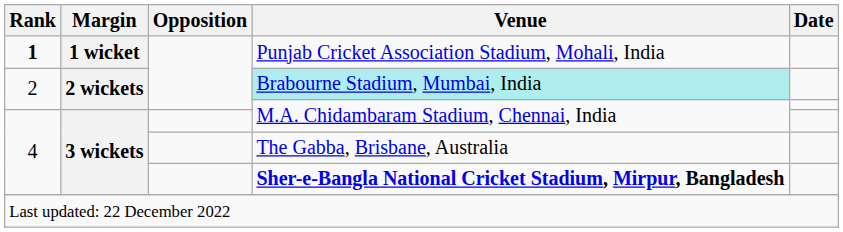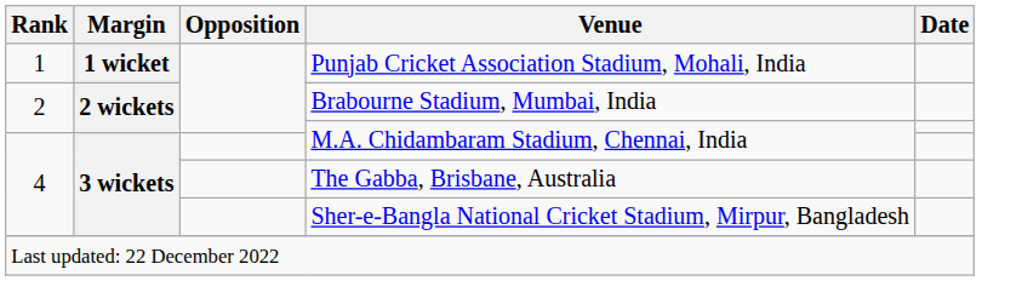 <table class="wikitable sortable">
 <tr>
 <th scope=col>Rank</th>
 <th scope=col>Margin</th>
 <th scope=col>Opposition</th>
 <th scope=col>Venue</th>
 <th scope=col>Date</th>
 </tr>
 <tr>
-<td align=center><strong>1</strong></td>
+<td align=center>1</td>
 <th>1 wicket</th>
 <td rowspan=3></td>
 <td><a href='#'>Punjab Cricket Association Stadium</a>, <a href='#'>Mohali</a>, India</td>
 <td></td>
 </tr>
 <tr>
 <td align=center rowspan=2>2</td>
 <th rowspan=2>2 wickets</th>
-<td style="background: paleturquoise;"><a href='#'>Brabourne Stadium</a>, <a href='#'>Mumbai</a>, India</td>
+<td><a href='#'>Brabourne Stadium</a>, <a href='#'>Mumbai</a>, India</td>
 <td></td>
 </tr>
 <tr>
 <td rowspan=2><a href='#'>M.A. Chidambaram Stadium</a>, <a href='#'>Chennai</a>, India</td>
 <td></td>
 </tr>
 <tr>
 <td align=center rowspan=3>4</td>
 <th rowspan=3>3 wickets</th>
 <td></td>
 <td></td>
 </tr>
 <tr>
 <td></td>
 <td><a href='#'>The Gabba</a>, <a href='#'>Brisbane</a>, Australia</td>
 <td></td>
 </tr>
 <tr>
 <td></td>
-<td><strong><a href='#'>Sher-e-Bangla National Cricket Stadium</a>, <a href='#'>Mirpur</a>, Bangladesh</strong></td>
+<td><a href='#'>Sher-e-Bangla National Cricket Stadium</a>, <a href='#'>Mirpur</a>, Bangladesh</td>
 <td></td>
 </tr>
 <tr>
 </tr>
 <tr class=sortbottom>
 <td colspan=6><small>Last updated: 22 December 2022</small></td>
 </tr>
 </table>
